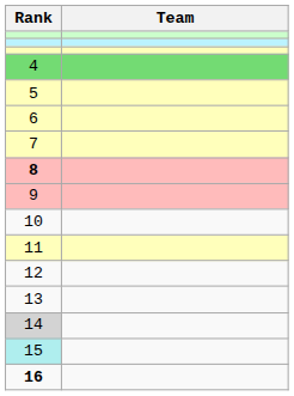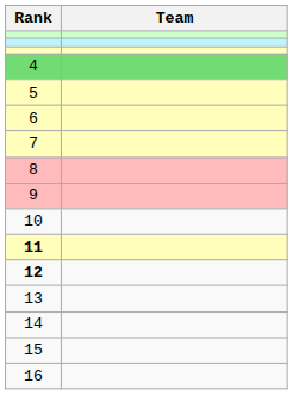 <table class="wikitable">
 <tr>
 <th style="width: 40px;">Rank</th>
 <th style="width: 180px;">Team</th>
 </tr>
 <tr style="background: #CCFFCC;">
 <td style="text-align: center;"></td>
 <td></td>
 </tr>
 <tr style="background: #BBF3FF;">
 <td style="text-align: center;"></td>
 <td></td>
 </tr>
 <tr style="background: #FFFFBB;">
 <td style="text-align: center;"></td>
 <td></td>
 </tr>
 <tr style="background: #73DB73;">
 <td style="text-align: center;">4</td>
 <td></td>
 </tr>
 <tr style="background: #FFFFBB;">
 <td style="text-align: center;">5</td>
 <td></td>
 </tr>
 <tr style="background: #FFFFBB;">
 <td style="text-align: center;">6</td>
 <td></td>
 </tr>
 <tr style="background: #FFFFBB;">
 <td style="text-align: center;">7</td>
 <td></td>
 </tr>
 <tr style="background: #FFBBBB;">
-<td style="text-align: center;"><strong>8</strong></td>
+<td style="text-align: center;">8</td>
 <td></td>
 </tr>
 <tr style="background: #FFBBBB;">
 <td style="text-align: center;">9</td>
 <td></td>
 </tr>
 <tr>
 <td style="text-align: center;">10</td>
 <td></td>
 </tr>
 <tr style="background: #FFFFBB;">
-<td style="text-align: center;">11</td>
+<td style="text-align: center;"><strong>11</strong></td>
 <td></td>
 </tr>
 <tr>
-<td style="text-align: center;">12</td>
+<td style="text-align: center;"><strong>12</strong></td>
 <td></td>
 </tr>
 <tr>
 <td style="text-align: center;">13</td>
 <td></td>
 </tr>
 <tr>
-<td style="background: lightgrey; text-align: center;">14</td>
+<td style="text-align: center;">14</td>
 <td></td>
 </tr>
 <tr>
-<td style="background: paleturquoise; text-align: center;">15</td>
+<td style="text-align: center;">15</td>
 <td></td>
 </tr>
 <tr>
-<td style="text-align: center;"><strong>16</strong></td>
+<td style="text-align: center;">16</td>
 <td></td>
 </tr>
 </table>
